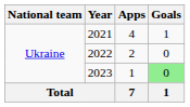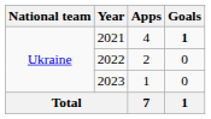 <table class="wikitable" style="text-align:center">
 <tr>
 <th>National team</th>
 <th>Year</th>
 <th>Apps</th>
 <th>Goals</th>
 </tr>
 <tr>
 <td rowspan=3><a href='#'>Ukraine</a></td>
 <td>2021</td>
 <td>4</td>
-<td>1</td>
+<td><strong>1</strong></td>
 </tr>
 <tr>
 <td>2022</td>
 <td>2</td>
 <td>0</td>
 </tr>
 <tr>
 <td>2023</td>
 <td>1</td>
-<td style="background: lightgreen;">0</td>
+<td>0</td>
 </tr>
 <tr>
 <th colspan="2">Total</th>
 <th>7</th>
 <th>1</th>
 </tr>
 </table>
